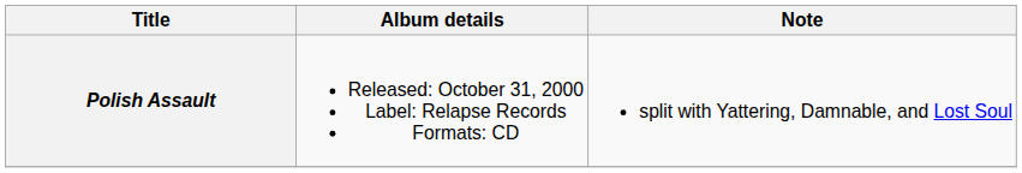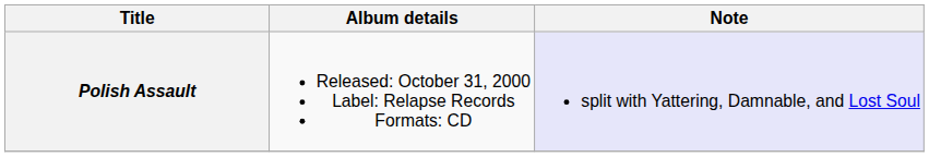 <table class="wikitable plainrowheaders" style="text-align:center;">
 <tr>
 <th scope="col" style="width:15em;">Title</th>
 <th scope="col">Album details</th>
 <th scope="col">Note</th>
 </tr>
 <tr>
 <th scope="row"><em>Polish Assault</em></th>
 <td><br><ul><li>Released: October 31, 2000</li><li>Label: Relapse Records</li><li>Formats: CD</li></ul></td>
-<td><br><ul><li>split with Yattering, Damnable, and <a href='#'>Lost Soul</a></li></ul></td>
+<td style="background: lavender;"><br><ul><li>split with Yattering, Damnable, and <a href='#'>Lost Soul</a></li></ul></td>
 </tr>
 <tr>
 </tr>
 </table>
